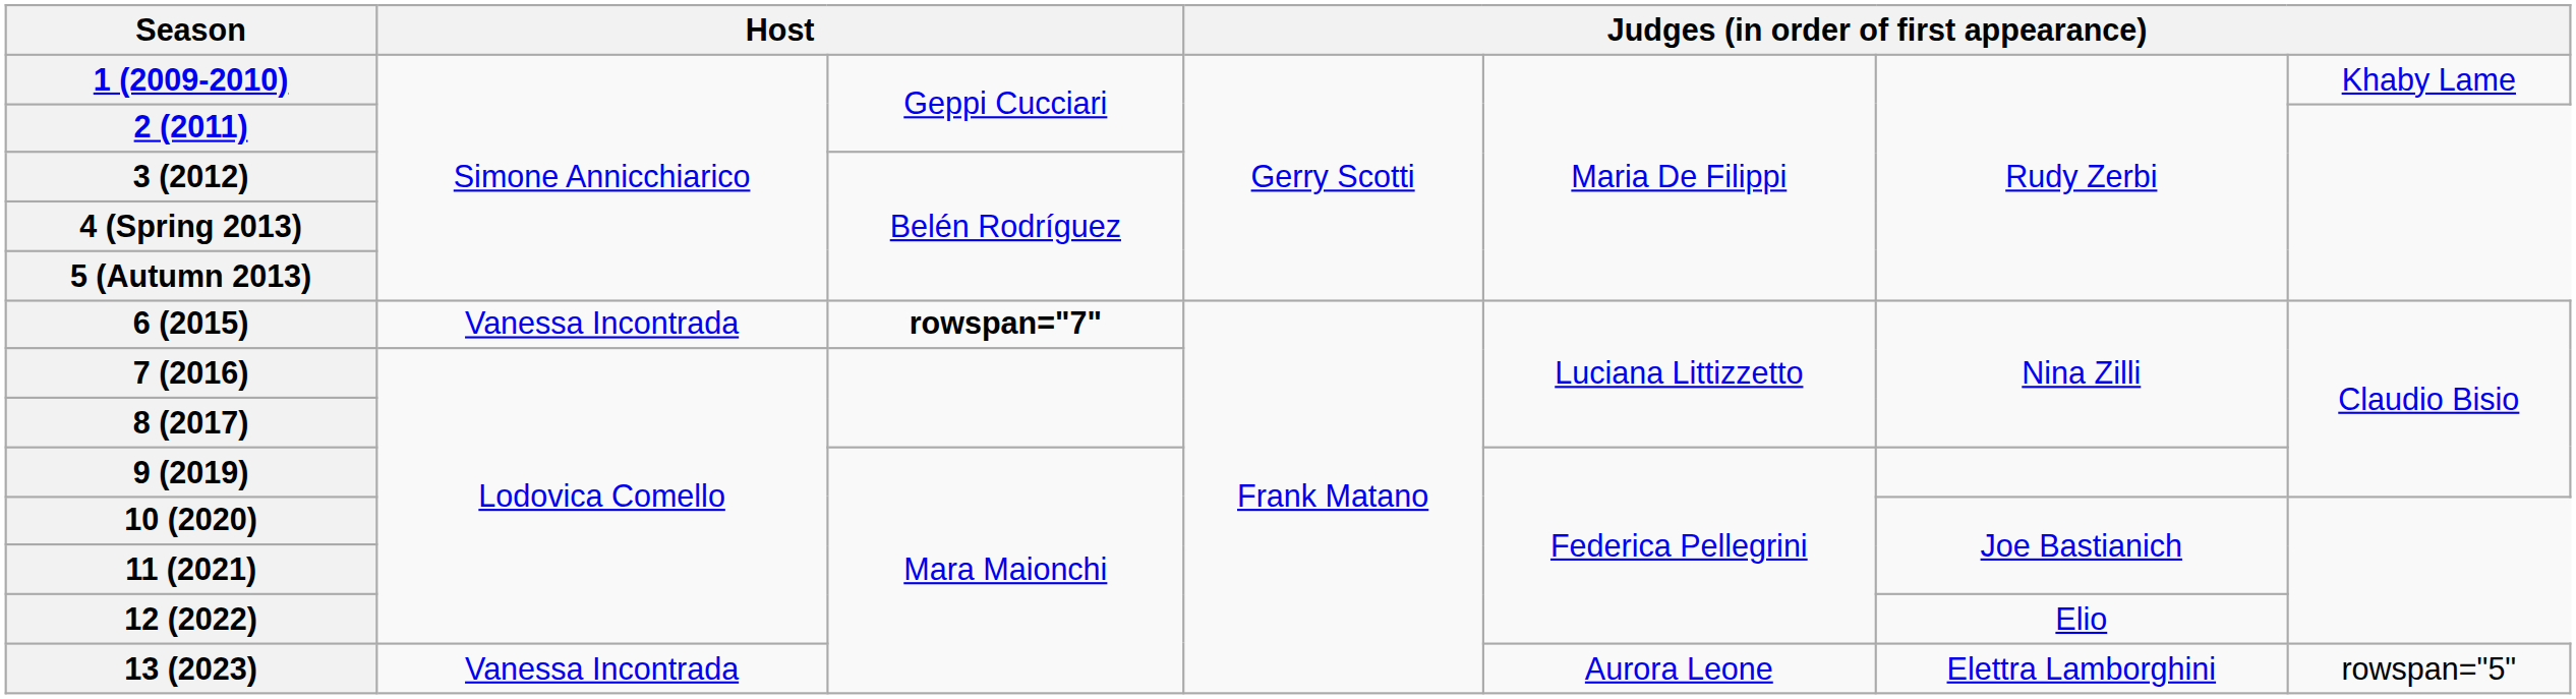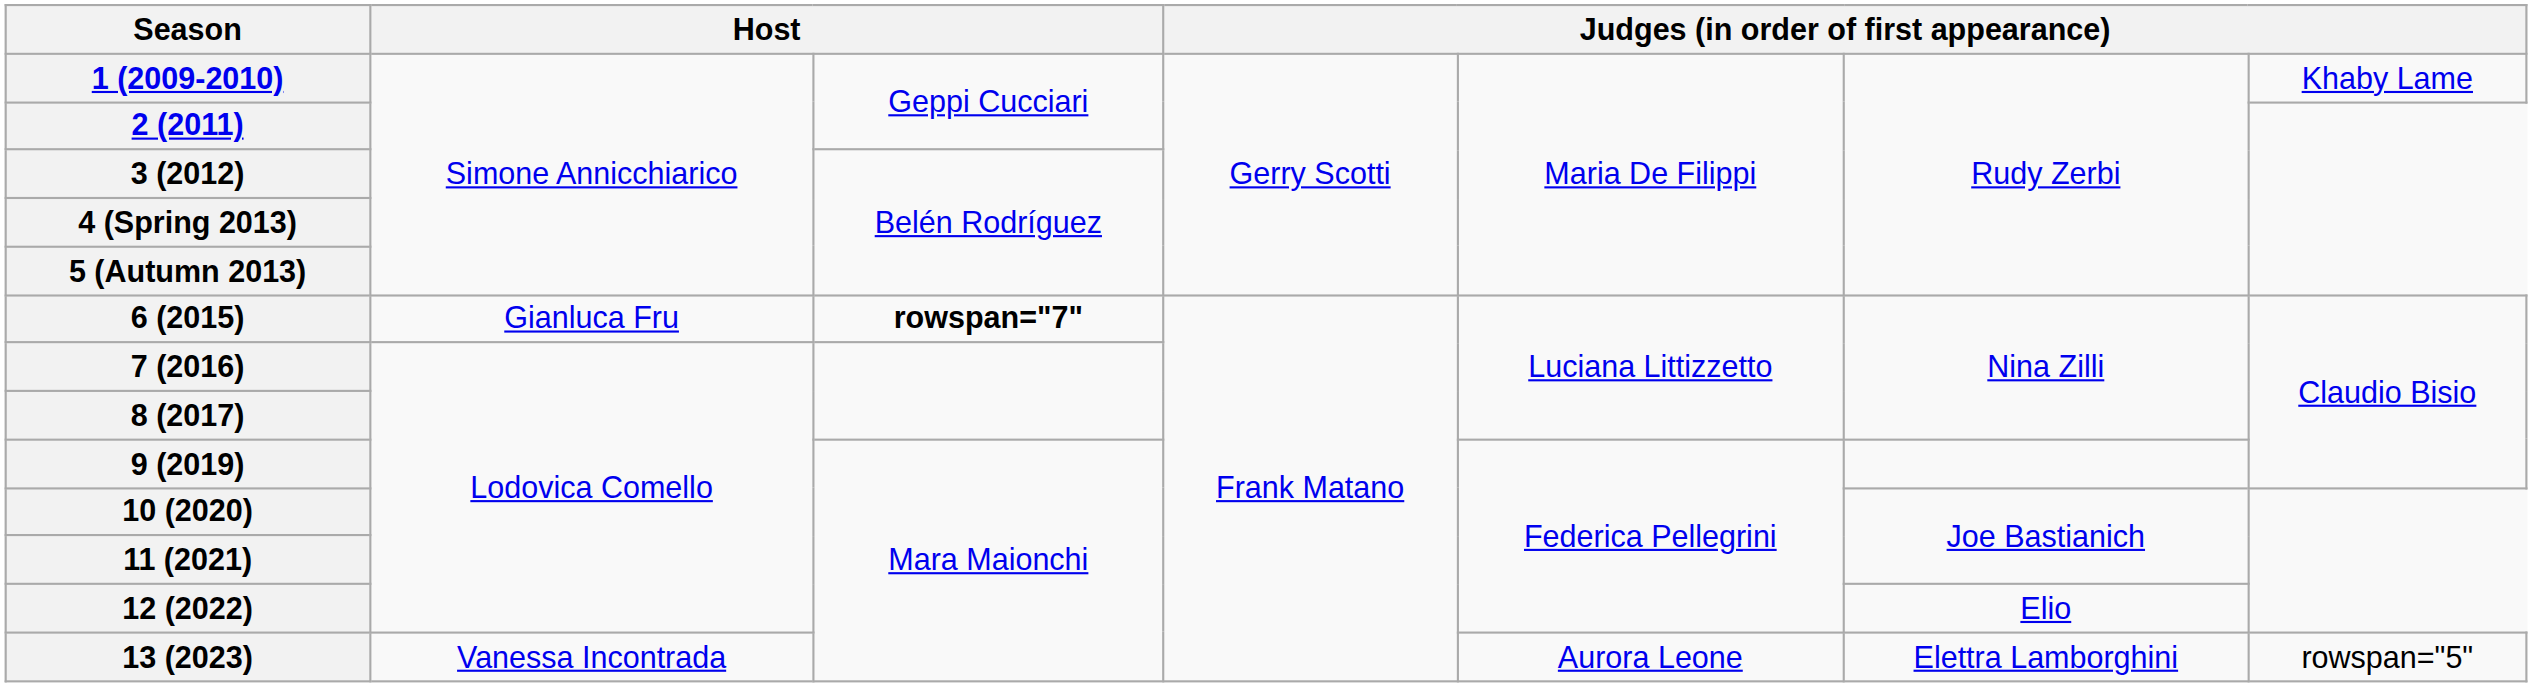 <table class="wikitable" style="margin-left: auto; margin-right: auto; border: none; text-align:center; font-size:90%; width: 60%;">
 <tr>
 <th>Season</th>
 <th colspan="2">Host</th>
 <th colspan="4">Judges (in order of first appearance)</th>
 </tr>
 <tr>
 <th><a href='#'>1 (2009-2010)</a></th>
 <td rowspan="5" style="text-align:center;"><a href='#'>Simone Annicchiarico</a></td>
 <td rowspan="2" style="text-align:center;"><a href='#'>Geppi Cucciari</a></td>
 <td rowspan="5" style="text-align:center;"><a href='#'>Gerry Scotti</a></td>
 <td rowspan="5" style="text-align:center;"><a href='#'>Maria De Filippi</a></td>
 <td rowspan="5" style="text-align:center;"><a href='#'>Rudy Zerbi</a></td>
 <td style="text-align:center;"><a href='#'>Khaby Lame</a></td>
 </tr>
 <tr>
 <th><a href='#'>2 (2011)</a></th>
 </tr>
 <tr>
 <th>3 (2012)</th>
 <td rowspan="3" style="text-align:center;"><a href='#'>Belén Rodríguez</a></td>
 </tr>
 <tr>
 <th>4 (Spring 2013)</th>
 </tr>
 <tr>
 <th>5 (Autumn 2013)</th>
 </tr>
 <tr>
 <th>6 (2015)</th>
-<td style="text-align:center;"><a href='#'>Vanessa Incontrada</a></td>
+<td style="text-align:center;"><a href='#'>Gianluca Fru</a></td>
 <td><strong>rowspan="7" </strong></td>
 <td rowspan="8" style="text-align:center;"><a href='#'>Frank Matano</a></td>
 <td rowspan="3" style="text-align:center;"><a href='#'>Luciana Littizzetto</a></td>
 <td rowspan="3" style="text-align:center;"><a href='#'>Nina Zilli</a></td>
 <td rowspan="4" style="text-align:center;"><a href='#'>Claudio Bisio</a></td>
 </tr>
 <tr>
 <th>7 (2016)</th>
 <td rowspan="6" style="text-align:center;"><a href='#'>Lodovica Comello</a></td>
 </tr>
 <tr>
 <th>8 (2017)</th>
 </tr>
 <tr>
 <th>9 (2019)</th>
 <td rowspan="5" style="text-align:center;"><a href='#'>Mara Maionchi</a></td>
 <td rowspan="4" style="text-align:center;"><a href='#'>Federica Pellegrini</a></td>
 </tr>
 <tr>
 <th>10 (2020)</th>
 <td rowspan="2" style="text-align:center;"><a href='#'>Joe Bastianich</a></td>
 </tr>
 <tr>
 <th>11 (2021)</th>
 </tr>
 <tr>
 <th>12 (2022)</th>
 <td style="text-align:center;"><a href='#'>Elio</a></td>
 </tr>
 <tr>
 <th>13 (2023)</th>
 <td style="text-align:center;"><a href='#'>Vanessa Incontrada</a></td>
 <td style="text-align:center;"><a href='#'>Aurora Leone</a></td>
 <td style="text-align:center;"><a href='#'>Elettra Lamborghini</a></td>
 <td>rowspan="5" </td>
 </tr>
 </table>
